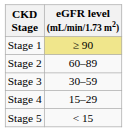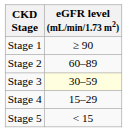 <table class="wikitable" style="float:right; margin-left:5px">
 <tr>
 <th>CKD<br>Stage</th>
 <th>eGFR level<br><small>(mL/min/1.73 m<sup>2</sup>)</small></th>
 </tr>
 <tr>
 <td>Stage 1</td>
-<td style="background: khaki; text-align:center">≥ 90</td>
+<td style="text-align:center">≥ 90</td>
 </tr>
 <tr>
 <td>Stage 2</td>
 <td style="text-align:center">60–89</td>
 </tr>
 <tr>
 <td>Stage 3</td>
-<td style="text-align:center">30–59</td>
+<td style="background: lightyellow; text-align:center">30–59</td>
 </tr>
 <tr>
 <td>Stage 4</td>
 <td style="text-align:center">15–29</td>
 </tr>
 <tr>
 <td>Stage 5</td>
 <td style="text-align:center">< 15</td>
 </tr>
 </table>
